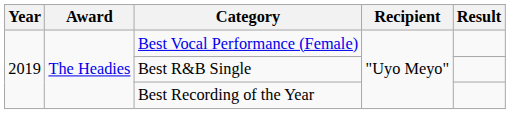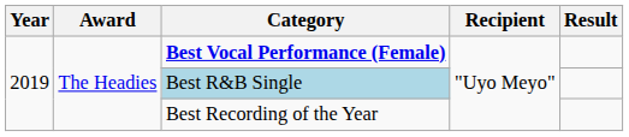 <table class="wikitable sortable">
 <tr>
 <th>Year</th>
 <th>Award</th>
 <th>Category</th>
 <th>Recipient</th>
 <th>Result</th>
 </tr>
 <tr>
 <td rowspan = "3">2019</td>
 <td rowspan="3"><a href='#'>The Headies</a></td>
-<td><a href='#'>Best Vocal Performance (Female)</a></td>
+<td><strong><a href='#'>Best Vocal Performance (Female)</a></strong></td>
 <td rowspan="3">"Uyo Meyo"</td>
 <td></td>
 </tr>
 <tr>
-<td>Best R&B Single</td>
+<td style="background: lightblue;">Best R&B Single</td>
 <td></td>
 </tr>
 <tr>
 <td>Best Recording of the Year</td>
 <td></td>
 </tr>
 </table>
